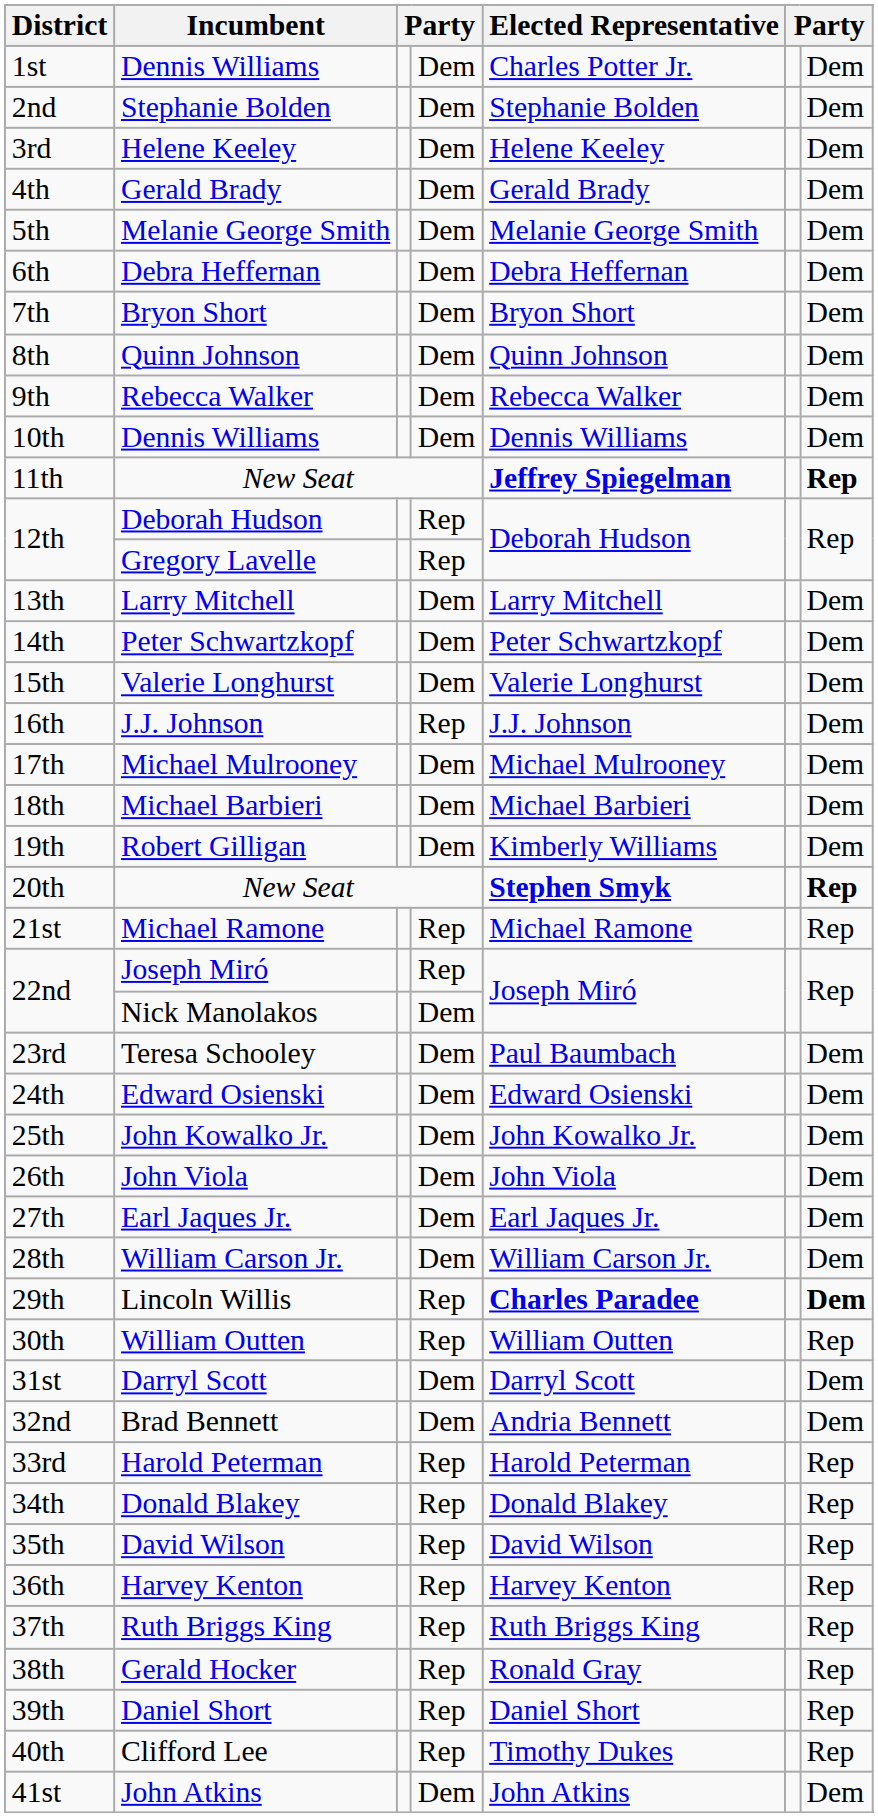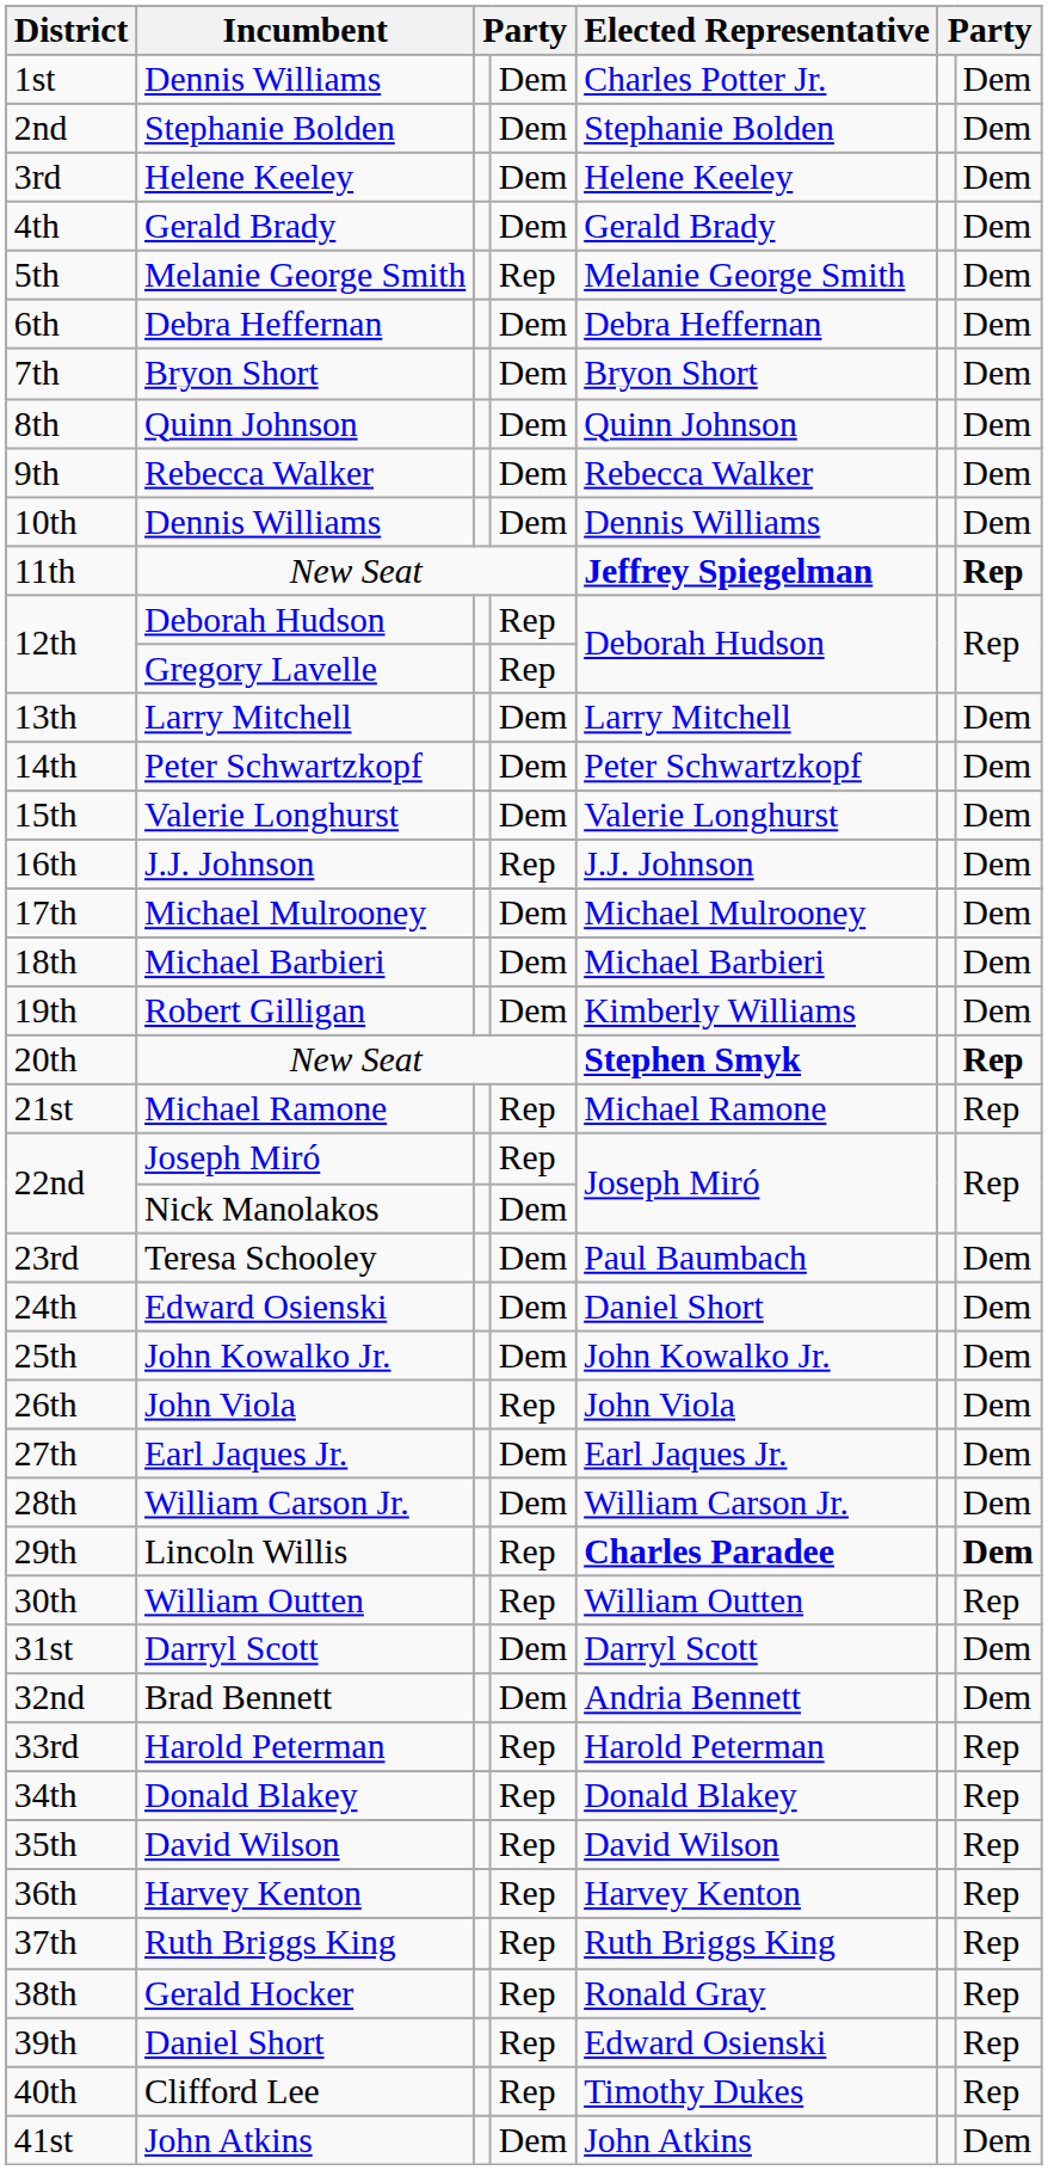 <table class="sortable wikitable" style="font-size:95%;line-height:14px;">
 <tr>
 <th class="sortable">District</th>
 <th class="unsortable">Incumbent</th>
 <th colspan="2">Party</th>
 <th class="unsortable">Elected Representative</th>
 <th colspan="2">Party</th>
 </tr>
 <tr>
 <td>1st</td>
 <td><a href='#'>Dennis Williams</a></td>
 <td style="background:"></td>
 <td>Dem</td>
 <td><a href='#'>Charles Potter Jr.</a></td>
 <td style="background:"></td>
 <td>Dem</td>
 </tr>
 <tr>
 <td>2nd</td>
 <td><a href='#'>Stephanie Bolden</a></td>
 <td style="background:"></td>
 <td>Dem</td>
 <td><a href='#'>Stephanie Bolden</a></td>
 <td style="background:"></td>
 <td>Dem</td>
 </tr>
 <tr>
 <td>3rd</td>
 <td><a href='#'>Helene Keeley</a></td>
 <td style="background:"></td>
 <td>Dem</td>
 <td><a href='#'>Helene Keeley</a></td>
 <td style="background:"></td>
 <td>Dem</td>
 </tr>
 <tr>
 <td>4th</td>
 <td><a href='#'>Gerald Brady</a></td>
 <td style="background:"></td>
 <td>Dem</td>
 <td><a href='#'>Gerald Brady</a></td>
 <td style="background:"></td>
 <td>Dem</td>
 </tr>
 <tr>
 <td>5th</td>
 <td><a href='#'>Melanie George Smith</a></td>
 <td style="background:"></td>
-<td>Dem</td>
+<td>Rep</td>
 <td><a href='#'>Melanie George Smith</a></td>
 <td style="background:"></td>
 <td>Dem</td>
 </tr>
 <tr>
 <td>6th</td>
 <td><a href='#'>Debra Heffernan</a></td>
 <td style="background:"></td>
 <td>Dem</td>
 <td><a href='#'>Debra Heffernan</a></td>
 <td style="background:"></td>
 <td>Dem</td>
 </tr>
 <tr>
 <td>7th</td>
 <td><a href='#'>Bryon Short</a></td>
 <td style="background:"></td>
 <td>Dem</td>
 <td><a href='#'>Bryon Short</a></td>
 <td style="background:"></td>
 <td>Dem</td>
 </tr>
 <tr>
 <td>8th</td>
 <td><a href='#'>Quinn Johnson</a></td>
 <td style="background:"></td>
 <td>Dem</td>
 <td><a href='#'>Quinn Johnson</a></td>
 <td style="background:"></td>
 <td>Dem</td>
 </tr>
 <tr>
 <td>9th</td>
 <td><a href='#'>Rebecca Walker</a></td>
 <td style="background:"></td>
 <td>Dem</td>
 <td><a href='#'>Rebecca Walker</a></td>
 <td style="background:"></td>
 <td>Dem</td>
 </tr>
 <tr>
 <td>10th</td>
 <td><a href='#'>Dennis Williams</a></td>
 <td style="background:"></td>
 <td>Dem</td>
 <td><a href='#'>Dennis Williams</a></td>
 <td style="background:"></td>
 <td>Dem</td>
 </tr>
 <tr>
 <td>11th</td>
 <td colspan=3 align=center><em>New Seat</em></td>
 <td><strong><a href='#'>Jeffrey Spiegelman</a></strong></td>
 <td style="background:"></td>
 <td><strong>Rep</strong></td>
 </tr>
 <tr>
 <td rowspan=2>12th</td>
 <td><a href='#'>Deborah Hudson</a></td>
 <td style="background:"></td>
 <td>Rep</td>
 <td rowspan=2><a href='#'>Deborah Hudson</a></td>
 <td rowspan=2 style="background:"></td>
 <td rowspan=2>Rep</td>
 </tr>
 <tr>
 <td><a href='#'>Gregory Lavelle</a></td>
 <td style="background:"></td>
 <td>Rep</td>
 </tr>
 <tr>
 <td>13th</td>
 <td><a href='#'>Larry Mitchell</a></td>
 <td style="background:"></td>
 <td>Dem</td>
 <td><a href='#'>Larry Mitchell</a></td>
 <td style="background:"></td>
 <td>Dem</td>
 </tr>
 <tr>
 <td>14th</td>
 <td><a href='#'>Peter Schwartzkopf</a></td>
 <td style="background:"></td>
 <td>Dem</td>
 <td><a href='#'>Peter Schwartzkopf</a></td>
 <td style="background:"></td>
 <td>Dem</td>
 </tr>
 <tr>
 <td>15th</td>
 <td><a href='#'>Valerie Longhurst</a></td>
 <td style="background:"></td>
 <td>Dem</td>
 <td><a href='#'>Valerie Longhurst</a></td>
 <td style="background:"></td>
 <td>Dem</td>
 </tr>
 <tr>
 <td>16th</td>
 <td><a href='#'>J.J. Johnson</a></td>
 <td style="background:"></td>
 <td>Rep</td>
 <td><a href='#'>J.J. Johnson</a></td>
 <td style="background:"></td>
 <td>Dem</td>
 </tr>
 <tr>
 <td>17th</td>
 <td><a href='#'>Michael Mulrooney</a></td>
 <td style="background:"></td>
 <td>Dem</td>
 <td><a href='#'>Michael Mulrooney</a></td>
 <td style="background:"></td>
 <td>Dem</td>
 </tr>
 <tr>
 <td>18th</td>
 <td><a href='#'>Michael Barbieri</a></td>
 <td style="background:"></td>
 <td>Dem</td>
 <td><a href='#'>Michael Barbieri</a></td>
 <td style="background:"></td>
 <td>Dem</td>
 </tr>
 <tr>
 <td>19th</td>
 <td><a href='#'>Robert Gilligan</a></td>
 <td style="background:"></td>
 <td>Dem</td>
 <td><a href='#'>Kimberly Williams</a></td>
 <td style="background:"></td>
 <td>Dem</td>
 </tr>
 <tr>
 <td>20th</td>
 <td colspan=3 align=center><em>New Seat</em></td>
 <td><strong><a href='#'>Stephen Smyk</a></strong></td>
 <td style="background:"></td>
 <td><strong>Rep</strong></td>
 </tr>
 <tr>
 <td>21st</td>
 <td><a href='#'>Michael Ramone</a></td>
 <td style="background:"></td>
 <td>Rep</td>
 <td><a href='#'>Michael Ramone</a></td>
 <td style="background:"></td>
 <td>Rep</td>
 </tr>
 <tr>
 <td rowspan=2>22nd</td>
 <td><a href='#'>Joseph Miró</a></td>
 <td style="background:"></td>
 <td>Rep</td>
 <td rowspan=2><a href='#'>Joseph Miró</a></td>
 <td rowspan=2 style="background:"></td>
 <td rowspan=2>Rep</td>
 </tr>
 <tr>
 <td>Nick Manolakos</td>
 <td style="background:"></td>
 <td>Dem</td>
 </tr>
 <tr>
 <td>23rd</td>
 <td>Teresa Schooley</td>
 <td style="background:"></td>
 <td>Dem</td>
 <td><a href='#'>Paul Baumbach</a></td>
 <td style="background:"></td>
 <td>Dem</td>
 </tr>
 <tr>
 <td>24th</td>
 <td><a href='#'>Edward Osienski</a></td>
 <td style="background:"></td>
 <td>Dem</td>
-<td><a href='#'>Edward Osienski</a></td>
+<td><a href='#'>Daniel Short</a></td>
 <td style="background:"></td>
 <td>Dem</td>
 </tr>
 <tr>
 <td>25th</td>
 <td><a href='#'>John Kowalko Jr.</a></td>
 <td style="background:"></td>
 <td>Dem</td>
 <td><a href='#'>John Kowalko Jr.</a></td>
 <td style="background:"></td>
 <td>Dem</td>
 </tr>
 <tr>
 <td>26th</td>
 <td><a href='#'>John Viola</a></td>
 <td style="background:"></td>
-<td>Dem</td>
+<td>Rep</td>
 <td><a href='#'>John Viola</a></td>
 <td style="background:"></td>
 <td>Dem</td>
 </tr>
 <tr>
 <td>27th</td>
 <td><a href='#'>Earl Jaques Jr.</a></td>
 <td style="background:"></td>
 <td>Dem</td>
 <td><a href='#'>Earl Jaques Jr.</a></td>
 <td style="background:"></td>
 <td>Dem</td>
 </tr>
 <tr>
 <td>28th</td>
 <td><a href='#'>William Carson Jr.</a></td>
 <td style="background:"></td>
 <td>Dem</td>
 <td><a href='#'>William Carson Jr.</a></td>
 <td style="background:"></td>
 <td>Dem</td>
 </tr>
 <tr>
 <td>29th</td>
 <td>Lincoln Willis</td>
 <td style="background:"></td>
 <td>Rep</td>
 <td><strong><a href='#'>Charles Paradee</a></strong></td>
 <td style="background:"></td>
 <td><strong>Dem</strong></td>
 </tr>
 <tr>
 <td>30th</td>
 <td><a href='#'>William Outten</a></td>
 <td style="background:"></td>
 <td>Rep</td>
 <td><a href='#'>William Outten</a></td>
 <td style="background:"></td>
 <td>Rep</td>
 </tr>
 <tr>
 <td>31st</td>
 <td><a href='#'>Darryl Scott</a></td>
 <td style="background:"></td>
 <td>Dem</td>
 <td><a href='#'>Darryl Scott</a></td>
 <td style="background:"></td>
 <td>Dem</td>
 </tr>
 <tr>
 <td>32nd</td>
 <td>Brad Bennett</td>
 <td style="background:"></td>
 <td>Dem</td>
 <td><a href='#'>Andria Bennett</a></td>
 <td style="background:"></td>
 <td>Dem</td>
 </tr>
 <tr>
 <td>33rd</td>
 <td><a href='#'>Harold Peterman</a></td>
 <td style="background:"></td>
 <td>Rep</td>
 <td><a href='#'>Harold Peterman</a></td>
 <td style="background:"></td>
 <td>Rep</td>
 </tr>
 <tr>
 <td>34th</td>
 <td><a href='#'>Donald Blakey</a></td>
 <td style="background:"></td>
 <td>Rep</td>
 <td><a href='#'>Donald Blakey</a></td>
 <td style="background:"></td>
 <td>Rep</td>
 </tr>
 <tr>
 <td>35th</td>
 <td><a href='#'>David Wilson</a></td>
 <td style="background:"></td>
 <td>Rep</td>
 <td><a href='#'>David Wilson</a></td>
 <td style="background:"></td>
 <td>Rep</td>
 </tr>
 <tr>
 <td>36th</td>
 <td><a href='#'>Harvey Kenton</a></td>
 <td style="background:"></td>
 <td>Rep</td>
 <td><a href='#'>Harvey Kenton</a></td>
 <td style="background:"></td>
 <td>Rep</td>
 </tr>
 <tr>
 <td>37th</td>
 <td><a href='#'>Ruth Briggs King</a></td>
 <td style="background:"></td>
 <td>Rep</td>
 <td><a href='#'>Ruth Briggs King</a></td>
 <td style="background:"></td>
 <td>Rep</td>
 </tr>
 <tr>
 <td>38th</td>
 <td><a href='#'>Gerald Hocker</a></td>
 <td style="background:"></td>
 <td>Rep</td>
 <td><a href='#'>Ronald Gray</a></td>
 <td style="background:"></td>
 <td>Rep</td>
 </tr>
 <tr>
 <td>39th</td>
 <td><a href='#'>Daniel Short</a></td>
 <td style="background:"></td>
 <td>Rep</td>
-<td><a href='#'>Daniel Short</a></td>
+<td><a href='#'>Edward Osienski</a></td>
 <td style="background:"></td>
 <td>Rep</td>
 </tr>
 <tr>
 <td>40th</td>
 <td>Clifford Lee</td>
 <td style="background:"></td>
 <td>Rep</td>
 <td><a href='#'>Timothy Dukes</a></td>
 <td style="background:"></td>
 <td>Rep</td>
 </tr>
 <tr>
 <td>41st</td>
 <td><a href='#'>John Atkins</a></td>
 <td style="background:"></td>
 <td>Dem</td>
 <td><a href='#'>John Atkins</a></td>
 <td style="background:"></td>
 <td>Dem</td>
 </tr>
 <tr>
 </tr>
 </table>
